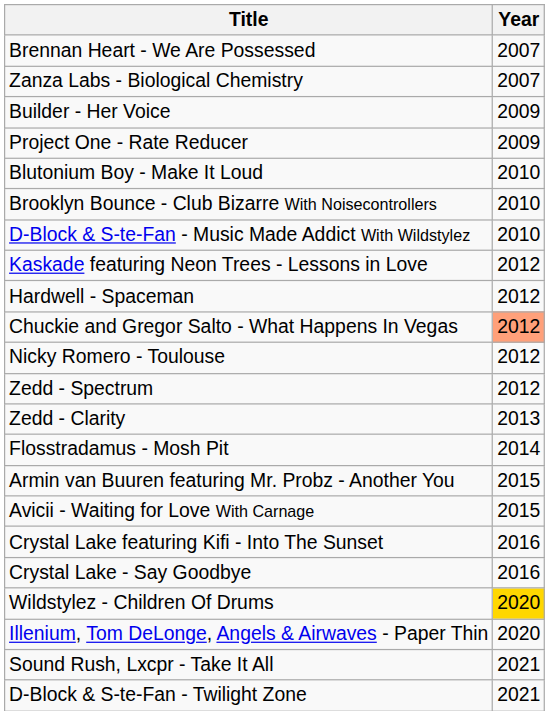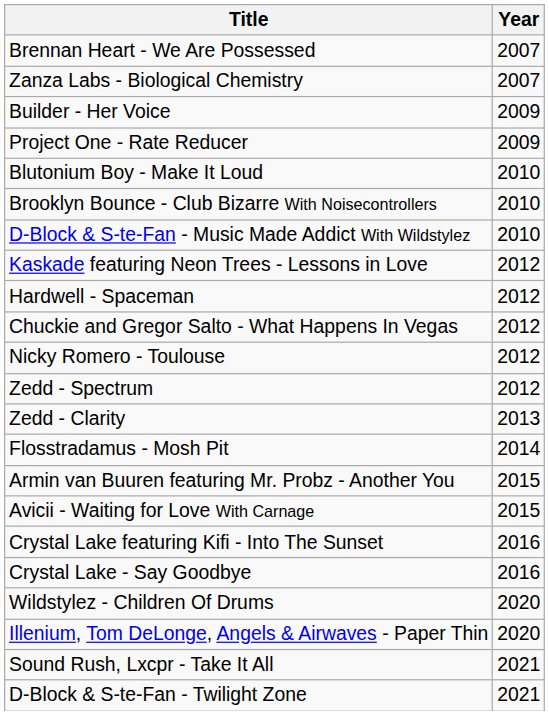 <table class="wikitable">
 <tr>
 <th>Title</th>
 <th>Year</th>
 </tr>
 <tr>
 <td>Brennan Heart - We Are Possessed</td>
 <td>2007</td>
 </tr>
 <tr>
 <td>Zanza Labs - Biological Chemistry</td>
 <td>2007</td>
 </tr>
 <tr>
 <td>Builder - Her Voice</td>
 <td>2009</td>
 </tr>
 <tr>
 <td>Project One - Rate Reducer</td>
 <td>2009</td>
 </tr>
 <tr>
 <td>Blutonium Boy - Make It Loud</td>
 <td>2010</td>
 </tr>
 <tr>
 <td>Brooklyn Bounce - Club Bizarre <small>With Noisecontrollers</small></td>
 <td>2010</td>
 </tr>
 <tr>
 <td><a href='#'>D-Block & S-te-Fan</a> - Music Made Addict <small>With Wildstylez</small></td>
 <td>2010</td>
 </tr>
 <tr>
 <td><a href='#'>Kaskade</a> featuring Neon Trees - Lessons in Love</td>
 <td>2012</td>
 </tr>
 <tr>
 <td>Hardwell - Spaceman</td>
 <td>2012</td>
 </tr>
 <tr>
 <td>Chuckie and Gregor Salto - What Happens In Vegas</td>
-<td style="background: lightsalmon;">2012</td>
+<td>2012</td>
 </tr>
 <tr>
 <td>Nicky Romero - Toulouse</td>
 <td>2012</td>
 </tr>
 <tr>
 <td>Zedd - Spectrum</td>
 <td>2012</td>
 </tr>
 <tr>
 <td>Zedd - Clarity</td>
 <td>2013</td>
 </tr>
 <tr>
 <td>Flosstradamus - Mosh Pit</td>
 <td>2014</td>
 </tr>
 <tr>
 <td>Armin van Buuren featuring Mr. Probz - Another You</td>
 <td>2015</td>
 </tr>
 <tr>
 <td>Avicii - Waiting for Love <small>With Carnage</small></td>
 <td>2015</td>
 </tr>
 <tr>
 <td>Crystal Lake featuring Kifi - Into The Sunset</td>
 <td>2016</td>
 </tr>
 <tr>
 <td>Crystal Lake - Say Goodbye</td>
 <td>2016</td>
 </tr>
 <tr>
 <td>Wildstylez - Children Of Drums</td>
-<td style="background: gold;">2020</td>
+<td>2020</td>
 </tr>
 <tr>
 <td><a href='#'>Illenium</a>, <a href='#'>Tom DeLonge</a>, <a href='#'>Angels & Airwaves</a> - Paper Thin</td>
 <td>2020</td>
 </tr>
 <tr>
 <td>Sound Rush, Lxcpr - Take It All</td>
 <td>2021</td>
 </tr>
 <tr>
 <td>D-Block & S-te-Fan - Twilight Zone</td>
 <td>2021</td>
 </tr>
 </table>
